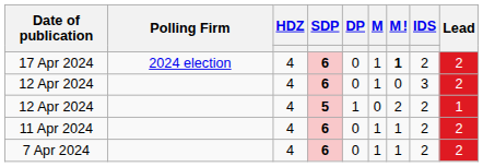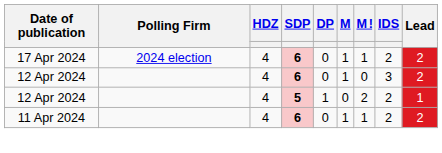 <table class="wikitable sortable" style="text-align:center; font-size:90%; line-height:16px;">
 <tr style="height:42px;">
 <th style="width:100px;" rowspan="2">Date of publication</th>
 <th style="width:165px;" rowspan="2">Polling Firm</th>
 <th><a href='#'>HDZ</a></th>
 <th><a href='#'>SDP</a></th>
 <th><a href='#'>DP</a></th>
 <th><a href='#'>M</a></th>
 <th style="letter-spacing:-1px;"><a href='#'>M !</a></th>
 <th><a href='#'>IDS</a></th>
 <th class="unsortable" style="width:20px;" rowspan="2">Lead</th>
 </tr>
 <tr>
 <th style="color:inherit;background:"></th>
 <th data-sort-type="number" style="color:inherit;background:"></th>
 <th style="color:inherit;background:"></th>
 <th style="color:inherit;background:"></th>
 <th style="color:inherit;background:"></th>
 <th style="color:inherit;background:"></th>
 </tr>
 <tr>
 <td>17 Apr 2024</td>
 <td><a href='#'>2024 election</a></td>
 <td>4</td>
 <td style="background:#F9C8CA"><strong>6</strong></td>
 <td>0</td>
 <td>1</td>
-<td><strong>1</strong></td>
+<td>1</td>
 <td>2</td>
 <td style="background:#DF1A22; color: white">2</td>
 </tr>
 <tr>
 <td>12 Apr 2024</td>
 <td></td>
 <td>4</td>
 <td style="background:#F9C8CA"><strong>6</strong></td>
 <td>0</td>
 <td>1</td>
 <td>0</td>
 <td>3</td>
 <td style="background:#DF1A22; color: white">2</td>
 </tr>
 <tr>
 <td>12 Apr 2024</td>
 <td></td>
 <td>4</td>
 <td style="background:#F9C8CA"><strong>5</strong></td>
 <td>1</td>
 <td>0</td>
 <td>2</td>
 <td>2</td>
 <td style="background:#DF1A22; color: white">1</td>
 </tr>
 <tr>
 <td>11 Apr 2024</td>
 <td></td>
 <td>4</td>
 <td style="background:#F9C8CA"><strong>6</strong></td>
 <td>0</td>
 <td>1</td>
 <td>1</td>
 <td>2</td>
 <td style="background:#DF1A22; color: white">2</td>
 </tr>
-<tr>
-<td>7 Apr 2024</td>
-<td></td>
-<td>4</td>
-<td style="background:#F9C8CA"><strong>6</strong></td>
-<td>0</td>
-<td>1</td>
-<td>1</td>
-<td>2</td>
-<td style="background:#DF1A22; color: white">2</td>
-</tr>
 </table>
